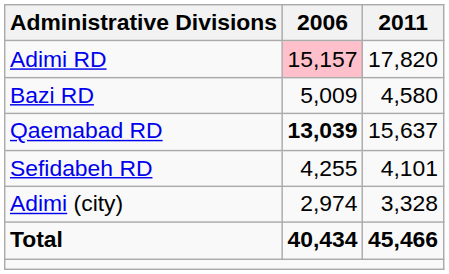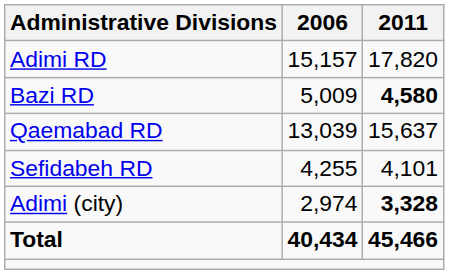 <table class="wikitable">
 <tr>
 <th>Administrative Divisions</th>
 <th>2006</th>
 <th>2011</th>
 </tr>
 <tr>
 <td><a href='#'>Adimi RD</a></td>
-<td style="background: pink; text-align: right;">15,157</td>
+<td style="text-align: right;">15,157</td>
 <td style="text-align: right;">17,820</td>
 </tr>
 <tr>
 <td><a href='#'>Bazi RD</a></td>
 <td style="text-align: right;">5,009</td>
-<td style="text-align: right;">4,580</td>
+<td style="text-align: right;"><strong>4,580</strong></td>
 </tr>
 <tr>
 <td><a href='#'>Qaemabad RD</a></td>
-<td style="text-align: right;"><strong>13,039</strong></td>
+<td style="text-align: right;">13,039</td>
 <td style="text-align: right;">15,637</td>
 </tr>
 <tr>
 <td><a href='#'>Sefidabeh RD</a></td>
 <td style="text-align: right;">4,255</td>
 <td style="text-align: right;">4,101</td>
 </tr>
 <tr>
 <td><a href='#'>Adimi</a> (city)</td>
 <td style="text-align: right;">2,974</td>
-<td style="text-align: right;">3,328</td>
+<td style="text-align: right;"><strong>3,328</strong></td>
 </tr>
 <tr>
 <td><strong>Total</strong></td>
 <td style="text-align: right;"><strong>40,434</strong></td>
 <td style="text-align: right;"><strong>45,466</strong></td>
 </tr>
 <tr>
 <td colspan=4></td>
 </tr>
 </table>
